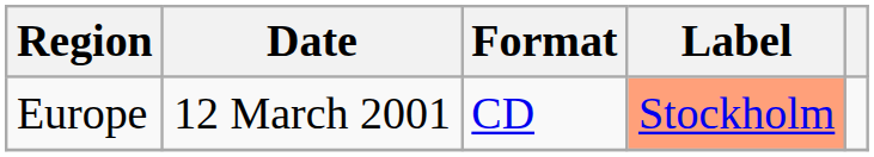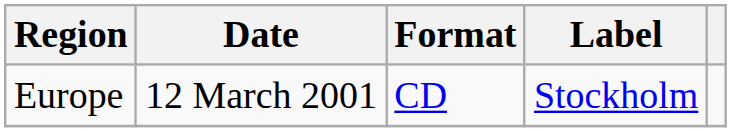 <table class="wikitable plainrowheaders">
 <tr>
 <th scope="col">Region</th>
 <th scope="col">Date</th>
 <th scope="col">Format</th>
 <th scope="col">Label</th>
 <th scope="col"></th>
 </tr>
 <tr>
 <td>Europe</td>
 <td>12 March 2001</td>
 <td><a href='#'>CD</a></td>
-<td style="background: lightsalmon;"><a href='#'>Stockholm</a></td>
+<td><a href='#'>Stockholm</a></td>
 <td></td>
 </tr>
 <tr>
 </tr>
 </table>
